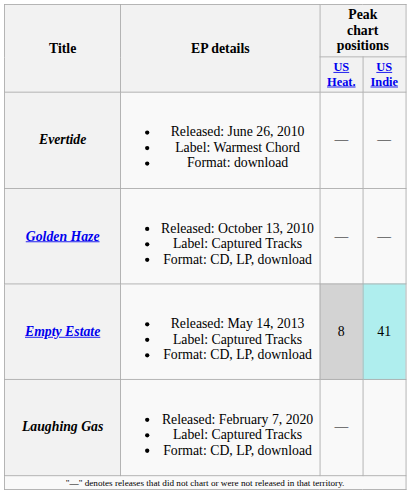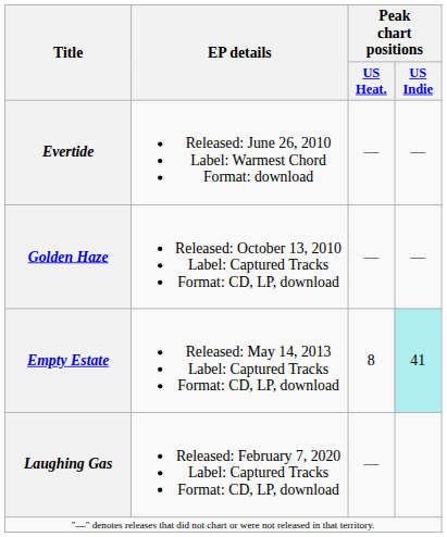 <table class="wikitable plainrowheaders" style="text-align:center">
 <tr>
 <th scope="col" rowspan="2" style="width:8em;">Title</th>
 <th scope="col" rowspan="2" style="width:14em;">EP details</th>
 <th scope="col" colspan="2">Peak<br>chart<br>positions</th>
 </tr>
 <tr>
 <th scope="col" style="width:3em;font-size:90%;"><a href='#'>US<br>Heat.</a><br></th>
 <th scope="col" style="width:3em;font-size:90%;"><a href='#'>US<br>Indie</a><br></th>
 </tr>
 <tr>
 <th scope="row"><em>Evertide</em></th>
 <td><br><ul><li>Released: June 26, 2010</li><li>Label: Warmest Chord</li><li>Format: download</li></ul></td>
 <td>—</td>
 <td>—</td>
 </tr>
 <tr>
 <th scope="row"><em><a href='#'>Golden Haze</a></em></th>
 <td><br><ul><li>Released: October 13, 2010</li><li>Label: Captured Tracks</li><li>Format: CD, LP, download</li></ul></td>
 <td>—</td>
 <td>—</td>
 </tr>
 <tr>
 <th scope="row"><em><a href='#'>Empty Estate</a></em></th>
 <td><br><ul><li>Released: May 14, 2013</li><li>Label: Captured Tracks</li><li>Format: CD, LP, download</li></ul></td>
-<td style="background: lightgrey;">8</td>
+<td>8</td>
 <td style="background: paleturquoise;">41</td>
 </tr>
 <tr>
 <th scope="row"><em>Laughing Gas</em></th>
 <td><br><ul><li>Released: February 7, 2020</li><li>Label: Captured Tracks</li><li>Format: CD, LP, download</li></ul></td>
 <td>—</td>
 </tr>
 <tr>
 <td colspan="13" style="font-size:8pt;">"—" denotes releases that did not chart or were not released in that territory.</td>
 </tr>
 </table>
